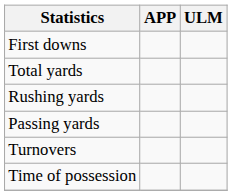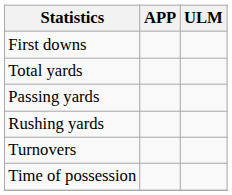 <table class="wikitable" style="float: left;">
 <tr>
 <th>Statistics</th>
 <th>APP</th>
 <th>ULM</th>
 </tr>
 <tr>
 <td>First downs</td>
 <td></td>
 <td></td>
 </tr>
 <tr>
 <td>Total yards</td>
 <td></td>
 <td></td>
 </tr>
 <tr>
-<td>Rushing yards</td>
+<td>Passing yards</td>
 <td></td>
 <td></td>
 </tr>
 <tr>
-<td>Passing yards</td>
+<td>Rushing yards</td>
 <td></td>
 <td></td>
 </tr>
 <tr>
 <td>Turnovers</td>
 <td></td>
 <td></td>
 </tr>
 <tr>
 <td>Time of possession</td>
 <td></td>
 <td></td>
 </tr>
 <tr>
 </tr>
 </table>
